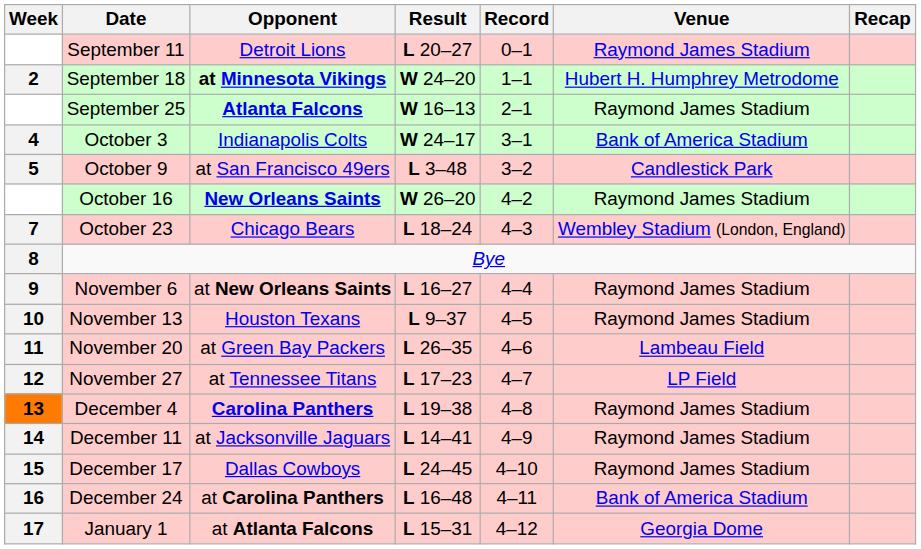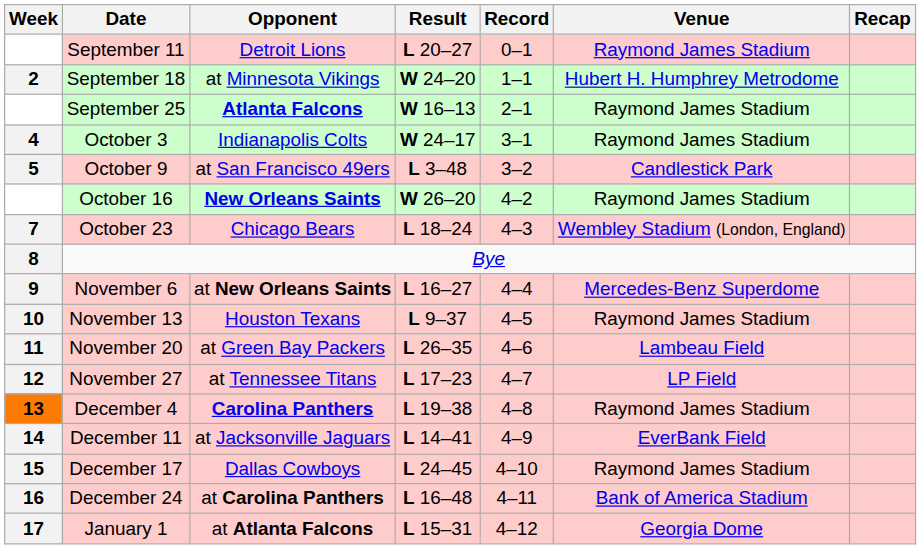 <table class="wikitable" style="text-align:center">
 <tr>
 <th>Week</th>
 <th>Date</th>
 <th>Opponent</th>
 <th>Result</th>
 <th>Record</th>
 <th>Venue</th>
 <th>Recap</th>
 </tr>
 <tr style="background:#fcc">
 <th style="background:white; color:white; text-align:center;"><span>1</span></th>
 <td style="text-align:center;">September 11</td>
 <td style="text-align:center;"><a href='#'>Detroit Lions</a></td>
 <td style="text-align:center;"><strong>L</strong> 20–27</td>
 <td style="text-align:center;">0–1</td>
 <td style="text-align:center;"><a href='#'>Raymond James Stadium</a></td>
 <td style="text-align:center;"></td>
 </tr>
 <tr style="background:#cfc">
 <th>2</th>
 <td style="text-align:center;">September 18</td>
-<td style="text-align:center;"><strong>at <a href='#'>Minnesota Vikings</a></strong></td>
+<td style="text-align:center;">at <a href='#'>Minnesota Vikings</a></td>
 <td style="text-align:center;"><strong>W</strong> 24–20</td>
 <td style="text-align:center;">1–1</td>
 <td style="text-align:center;"><a href='#'>Hubert H. Humphrey Metrodome</a></td>
 <td style="text-align:center;"></td>
 </tr>
 <tr style="background:#cfc">
 <th style="background:white; color:white; text-align:center;"><span>3</span></th>
 <td style="text-align:center;">September 25</td>
 <td style="text-align:center;"><strong><a href='#'>Atlanta Falcons</a></strong></td>
 <td style="text-align:center;"><strong>W</strong> 16–13</td>
 <td style="text-align:center;">2–1</td>
 <td style="text-align:center;">Raymond James Stadium</td>
 <td style="text-align:center;"></td>
 </tr>
 <tr style="background:#cfc">
 <th>4</th>
 <td style="text-align:center;">October 3</td>
 <td style="text-align:center;"><a href='#'>Indianapolis Colts</a></td>
 <td style="text-align:center;"><strong>W</strong> 24–17</td>
 <td style="text-align:center;">3–1</td>
-<td style="text-align:center;"><a href='#'>Bank of America Stadium</a></td>
+<td style="text-align:center;">Raymond James Stadium</td>
 <td style="text-align:center;"></td>
 </tr>
 <tr style="background:#fcc">
 <th>5</th>
 <td style="text-align:center;">October 9</td>
 <td style="text-align:center;">at <a href='#'>San Francisco 49ers</a></td>
 <td style="text-align:center;"><strong>L</strong> 3–48</td>
 <td style="text-align:center;">3–2</td>
 <td style="text-align:center;"><a href='#'>Candlestick Park</a></td>
 <td style="text-align:center;"></td>
 </tr>
 <tr style="background:#cfc">
 <th style="background:white; color:white; text-align:center;"><span>6</span></th>
 <td style="text-align:center;">October 16</td>
 <td style="text-align:center;"><strong><a href='#'>New Orleans Saints</a></strong></td>
 <td style="text-align:center;"><strong>W</strong> 26–20</td>
 <td style="text-align:center;">4–2</td>
 <td style="text-align:center;">Raymond James Stadium</td>
 <td style="text-align:center;"></td>
 </tr>
 <tr style="background:#fcc">
 <th>7</th>
 <td style="text-align:center;">October 23</td>
 <td style="text-align:center;"><a href='#'>Chicago Bears</a></td>
 <td style="text-align:center;"><strong>L</strong> 18–24</td>
 <td style="text-align:center;">4–3</td>
 <td style="text-align:center;"> <a href='#'>Wembley Stadium</a> <small>(London, England)</small></td>
 <td style="text-align:center;"></td>
 </tr>
 <tr>
 <th>8</th>
 <td colspan="8" style="text-align:center;"><em><a href='#'>Bye</a></em></td>
 </tr>
 <tr style="background:#fcc">
 <th>9</th>
 <td style="text-align:center;">November 6</td>
 <td style="text-align:center;">at <strong>New Orleans Saints</strong></td>
 <td style="text-align:center;"><strong>L</strong> 16–27</td>
 <td style="text-align:center;">4–4</td>
-<td style="text-align:center;">Raymond James Stadium</td>
+<td style="text-align:center;"><a href='#'>Mercedes-Benz Superdome</a></td>
 <td style="text-align:center;"></td>
 </tr>
 <tr style="background:#fcc">
 <th>10</th>
 <td style="text-align:center;">November 13</td>
 <td style="text-align:center;"><a href='#'>Houston Texans</a></td>
 <td style="text-align:center;"><strong>L</strong> 9–37</td>
 <td style="text-align:center;">4–5</td>
 <td style="text-align:center;">Raymond James Stadium</td>
 <td style="text-align:center;"></td>
 </tr>
 <tr style="background:#fcc">
 <th>11</th>
 <td style="text-align:center;">November 20</td>
 <td style="text-align:center;">at <a href='#'>Green Bay Packers</a></td>
 <td style="text-align:center;"><strong>L</strong> 26–35</td>
 <td style="text-align:center;">4–6</td>
 <td style="text-align:center;"><a href='#'>Lambeau Field</a></td>
 <td style="text-align:center;"></td>
 </tr>
 <tr style="background:#fcc">
 <th>12</th>
 <td style="text-align:center;">November 27</td>
 <td style="text-align:center;">at <a href='#'>Tennessee Titans</a></td>
 <td style="text-align:center;"><strong>L</strong> 17–23</td>
 <td style="text-align:center;">4–7</td>
 <td style="text-align:center;"><a href='#'>LP Field</a></td>
 <td style="text-align:center;"></td>
 </tr>
 <tr style="background:#fcc">
 <td style="background:#ff7a00; text-align:center;"><span> <strong>13</strong></span></td>
 <td style="text-align:center;">December 4</td>
 <td style="text-align:center;"><strong><a href='#'>Carolina Panthers</a></strong></td>
 <td style="text-align:center;"><strong>L</strong> 19–38</td>
 <td style="text-align:center;">4–8</td>
 <td style="text-align:center;">Raymond James Stadium</td>
 <td style="text-align:center;"></td>
 </tr>
 <tr style="background:#fcc">
 <th>14</th>
 <td style="text-align:center;">December 11</td>
 <td style="text-align:center;">at <a href='#'>Jacksonville Jaguars</a></td>
 <td style="text-align:center;"><strong>L</strong> 14–41</td>
 <td style="text-align:center;">4–9</td>
-<td style="text-align:center;">Raymond James Stadium</td>
+<td style="text-align:center;"><a href='#'>EverBank Field</a></td>
 <td style="text-align:center;"></td>
 </tr>
 <tr style="background:#fcc">
 <th>15</th>
 <td style="text-align:center;">December 17</td>
 <td style="text-align:center;"><a href='#'>Dallas Cowboys</a></td>
 <td style="text-align:center;"><strong>L</strong> 24–45</td>
 <td style="text-align:center;">4–10</td>
 <td style="text-align:center;">Raymond James Stadium</td>
 <td style="text-align:center;"></td>
 </tr>
 <tr style="background:#fcc">
 <th>16</th>
 <td style="text-align:center;">December 24</td>
 <td style="text-align:center;">at <strong>Carolina Panthers</strong></td>
 <td style="text-align:center;"><strong>L</strong> 16–48</td>
 <td style="text-align:center;">4–11</td>
 <td style="text-align:center;"><a href='#'>Bank of America Stadium</a></td>
 <td style="text-align:center;"></td>
 </tr>
 <tr style="background:#fcc">
 <th>17</th>
 <td style="text-align:center;">January 1</td>
 <td style="text-align:center;">at <strong>Atlanta Falcons</strong></td>
 <td style="text-align:center;"><strong>L</strong> 15–31</td>
 <td style="text-align:center;">4–12</td>
 <td style="text-align:center;"><a href='#'>Georgia Dome</a></td>
 <td style="text-align:center;"></td>
 </tr>
 </table>
